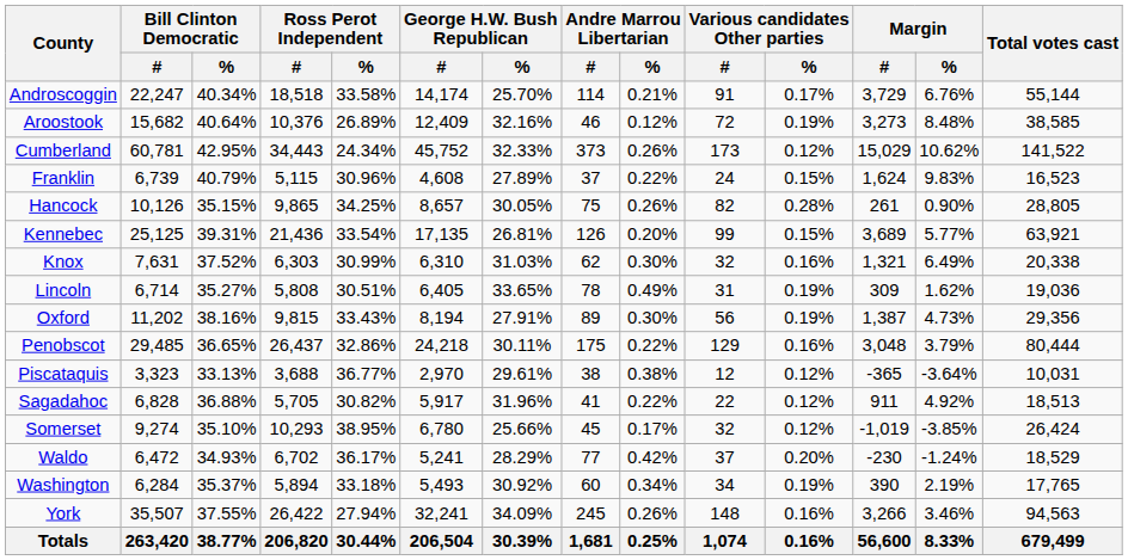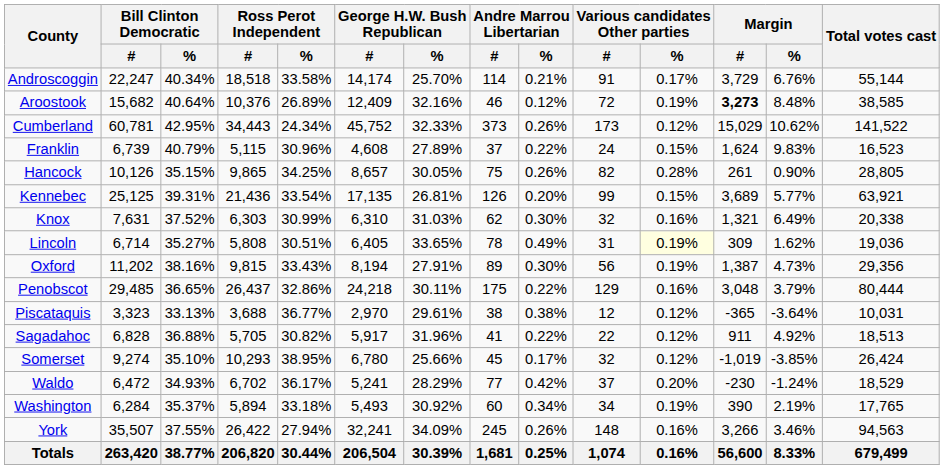 <table class="wikitable sortable">
 <tr>
 <th rowspan="2" style="text-align:center;">County</th>
 <th colspan="2" style="text-align:center;">Bill Clinton<br>Democratic</th>
 <th colspan="2" style="text-align:center;">Ross Perot<br>Independent</th>
 <th colspan="2" style="text-align:center;">George H.W. Bush<br>Republican</th>
 <th colspan="2" style="text-align:center;">Andre Marrou<br>Libertarian</th>
 <th colspan="2" style="text-align:center;">Various candidates<br>Other parties</th>
 <th colspan="2" style="text-align:center;">Margin</th>
 <th rowspan="2" style="text-align:center;">Total votes cast</th>
 </tr>
 <tr>
 <th data-sort-type="number">#</th>
 <th data-sort-type="number">%</th>
 <th data-sort-type="number">#</th>
 <th data-sort-type="number">%</th>
 <th data-sort-type="number">#</th>
 <th data-sort-type="number">%</th>
 <th data-sort-type="number">#</th>
 <th data-sort-type="number">%</th>
 <th data-sort-type="number">#</th>
 <th data-sort-type="number">%</th>
 <th data-sort-type="number">#</th>
 <th data-sort-type="number">%</th>
 </tr>
 <tr style="text-align:center;">
 <td><a href='#'>Androscoggin</a></td>
 <td>22,247</td>
 <td>40.34%</td>
 <td>18,518</td>
 <td>33.58%</td>
 <td>14,174</td>
 <td>25.70%</td>
 <td>114</td>
 <td>0.21%</td>
 <td>91</td>
 <td>0.17%</td>
 <td>3,729</td>
 <td>6.76%</td>
 <td>55,144</td>
 </tr>
 <tr style="text-align:center;">
 <td><a href='#'>Aroostook</a></td>
 <td>15,682</td>
 <td>40.64%</td>
 <td>10,376</td>
 <td>26.89%</td>
 <td>12,409</td>
 <td>32.16%</td>
 <td>46</td>
 <td>0.12%</td>
 <td>72</td>
 <td>0.19%</td>
-<td>3,273</td>
+<td><strong>3,273</strong></td>
 <td>8.48%</td>
 <td>38,585</td>
 </tr>
 <tr style="text-align:center;">
 <td><a href='#'>Cumberland</a></td>
 <td>60,781</td>
 <td>42.95%</td>
 <td>34,443</td>
 <td>24.34%</td>
 <td>45,752</td>
 <td>32.33%</td>
 <td>373</td>
 <td>0.26%</td>
 <td>173</td>
 <td>0.12%</td>
 <td>15,029</td>
 <td>10.62%</td>
 <td>141,522</td>
 </tr>
 <tr style="text-align:center;">
 <td><a href='#'>Franklin</a></td>
 <td>6,739</td>
 <td>40.79%</td>
 <td>5,115</td>
 <td>30.96%</td>
 <td>4,608</td>
 <td>27.89%</td>
 <td>37</td>
 <td>0.22%</td>
 <td>24</td>
 <td>0.15%</td>
 <td>1,624</td>
 <td>9.83%</td>
 <td>16,523</td>
 </tr>
 <tr style="text-align:center;">
 <td><a href='#'>Hancock</a></td>
 <td>10,126</td>
 <td>35.15%</td>
 <td>9,865</td>
 <td>34.25%</td>
 <td>8,657</td>
 <td>30.05%</td>
 <td>75</td>
 <td>0.26%</td>
 <td>82</td>
 <td>0.28%</td>
 <td>261</td>
 <td>0.90%</td>
 <td>28,805</td>
 </tr>
 <tr style="text-align:center;">
 <td><a href='#'>Kennebec</a></td>
 <td>25,125</td>
 <td>39.31%</td>
 <td>21,436</td>
 <td>33.54%</td>
 <td>17,135</td>
 <td>26.81%</td>
 <td>126</td>
 <td>0.20%</td>
 <td>99</td>
 <td>0.15%</td>
 <td>3,689</td>
 <td>5.77%</td>
 <td>63,921</td>
 </tr>
 <tr style="text-align:center;">
 <td><a href='#'>Knox</a></td>
 <td>7,631</td>
 <td>37.52%</td>
 <td>6,303</td>
 <td>30.99%</td>
 <td>6,310</td>
 <td>31.03%</td>
 <td>62</td>
 <td>0.30%</td>
 <td>32</td>
 <td>0.16%</td>
 <td>1,321</td>
 <td>6.49%</td>
 <td>20,338</td>
 </tr>
 <tr style="text-align:center;">
 <td><a href='#'>Lincoln</a></td>
 <td>6,714</td>
 <td>35.27%</td>
 <td>5,808</td>
 <td>30.51%</td>
 <td>6,405</td>
 <td>33.65%</td>
 <td>78</td>
 <td>0.49%</td>
 <td>31</td>
-<td>0.19%</td>
+<td style="background: lightyellow;">0.19%</td>
 <td>309</td>
 <td>1.62%</td>
 <td>19,036</td>
 </tr>
 <tr style="text-align:center;">
 <td><a href='#'>Oxford</a></td>
 <td>11,202</td>
 <td>38.16%</td>
 <td>9,815</td>
 <td>33.43%</td>
 <td>8,194</td>
 <td>27.91%</td>
 <td>89</td>
 <td>0.30%</td>
 <td>56</td>
 <td>0.19%</td>
 <td>1,387</td>
 <td>4.73%</td>
 <td>29,356</td>
 </tr>
 <tr style="text-align:center;">
 <td><a href='#'>Penobscot</a></td>
 <td>29,485</td>
 <td>36.65%</td>
 <td>26,437</td>
 <td>32.86%</td>
 <td>24,218</td>
 <td>30.11%</td>
 <td>175</td>
 <td>0.22%</td>
 <td>129</td>
 <td>0.16%</td>
 <td>3,048</td>
 <td>3.79%</td>
 <td>80,444</td>
 </tr>
 <tr style="text-align:center;">
 <td><a href='#'>Piscataquis</a></td>
 <td>3,323</td>
 <td>33.13%</td>
 <td>3,688</td>
 <td>36.77%</td>
 <td>2,970</td>
 <td>29.61%</td>
 <td>38</td>
 <td>0.38%</td>
 <td>12</td>
 <td>0.12%</td>
 <td>-365</td>
 <td>-3.64%</td>
 <td>10,031</td>
 </tr>
 <tr style="text-align:center;">
 <td><a href='#'>Sagadahoc</a></td>
 <td>6,828</td>
 <td>36.88%</td>
 <td>5,705</td>
 <td>30.82%</td>
 <td>5,917</td>
 <td>31.96%</td>
 <td>41</td>
 <td>0.22%</td>
 <td>22</td>
 <td>0.12%</td>
 <td>911</td>
 <td>4.92%</td>
 <td>18,513</td>
 </tr>
 <tr style="text-align:center;">
 <td><a href='#'>Somerset</a></td>
 <td>9,274</td>
 <td>35.10%</td>
 <td>10,293</td>
 <td>38.95%</td>
 <td>6,780</td>
 <td>25.66%</td>
 <td>45</td>
 <td>0.17%</td>
 <td>32</td>
 <td>0.12%</td>
 <td>-1,019</td>
 <td>-3.85%</td>
 <td>26,424</td>
 </tr>
 <tr style="text-align:center;">
 <td><a href='#'>Waldo</a></td>
 <td>6,472</td>
 <td>34.93%</td>
 <td>6,702</td>
 <td>36.17%</td>
 <td>5,241</td>
 <td>28.29%</td>
 <td>77</td>
 <td>0.42%</td>
 <td>37</td>
 <td>0.20%</td>
 <td>-230</td>
 <td>-1.24%</td>
 <td>18,529</td>
 </tr>
 <tr style="text-align:center;">
 <td><a href='#'>Washington</a></td>
 <td>6,284</td>
 <td>35.37%</td>
 <td>5,894</td>
 <td>33.18%</td>
 <td>5,493</td>
 <td>30.92%</td>
 <td>60</td>
 <td>0.34%</td>
 <td>34</td>
 <td>0.19%</td>
 <td>390</td>
 <td>2.19%</td>
 <td>17,765</td>
 </tr>
 <tr style="text-align:center;">
 <td><a href='#'>York</a></td>
 <td>35,507</td>
 <td>37.55%</td>
 <td>26,422</td>
 <td>27.94%</td>
 <td>32,241</td>
 <td>34.09%</td>
 <td>245</td>
 <td>0.26%</td>
 <td>148</td>
 <td>0.16%</td>
 <td>3,266</td>
 <td>3.46%</td>
 <td>94,563</td>
 </tr>
 <tr style="text-align:center;">
 <th>Totals</th>
 <th>263,420</th>
 <th>38.77%</th>
 <th>206,820</th>
 <th>30.44%</th>
 <th>206,504</th>
 <th>30.39%</th>
 <th>1,681</th>
 <th>0.25%</th>
 <th>1,074</th>
 <th>0.16%</th>
 <th>56,600</th>
 <th>8.33%</th>
 <th>679,499</th>
 </tr>
 </table>
